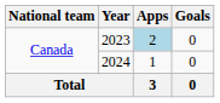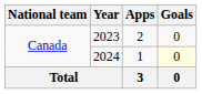 <table class="wikitable" style="text-align:center">
 <tr>
 <th>National team</th>
 <th>Year</th>
 <th>Apps</th>
 <th>Goals</th>
 </tr>
 <tr>
 <td rowspan="2"><a href='#'>Canada</a></td>
 <td>2023</td>
-<td style="background: lightblue;">2</td>
+<td>2</td>
 <td>0</td>
 </tr>
 <tr>
 <td>2024</td>
 <td>1</td>
-<td>0</td>
+<td style="background: lightyellow;">0</td>
 </tr>
 <tr>
 <th colspan="2">Total</th>
 <th>3</th>
 <th>0</th>
 </tr>
 </table>
